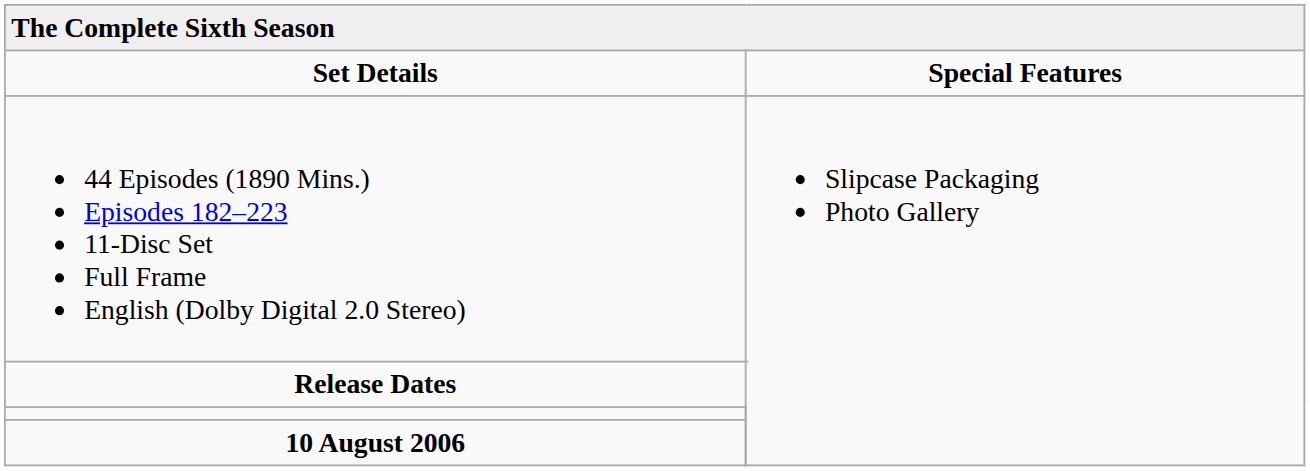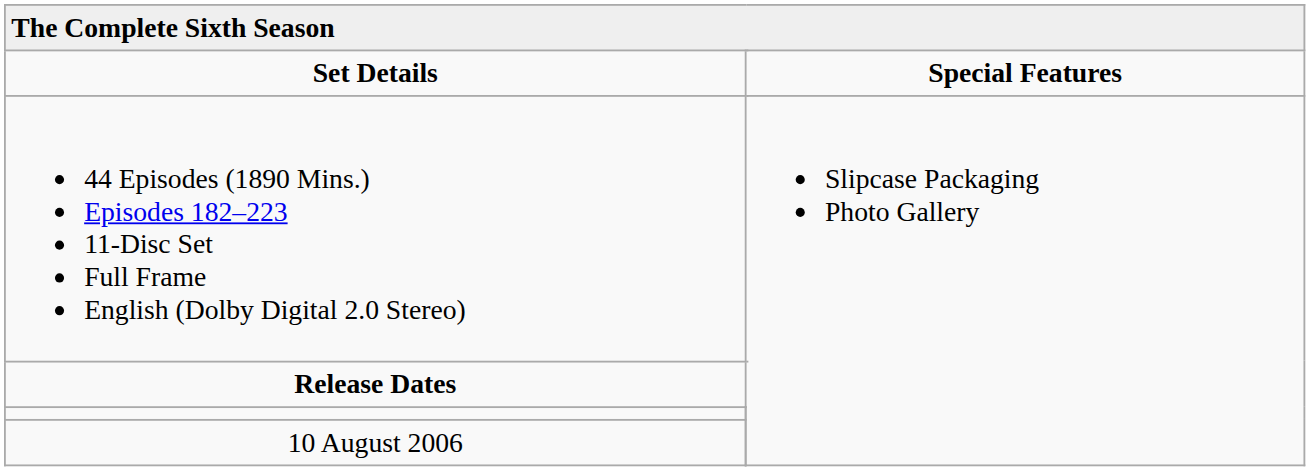 <table class="wikitable" style="font-size: 95%;">
 <tr style="background:#EFEFEF">
 <td colspan="5"><strong>The Complete Sixth Season</strong></td>
 </tr>
 <tr>
 <td align="center" width="350" colspan="3"><strong>Set Details</strong></td>
 <td width="250" align="center"><strong>Special Features</strong></td>
 </tr>
 <tr valign="top">
 <td colspan="3" align="left" width="400"><br><ul><li>44 Episodes (1890 Mins.)</li><li><a href='#'>Episodes 182–223</a></li><li>11-Disc Set</li><li>Full Frame</li><li>English (Dolby Digital 2.0 Stereo)</li></ul></td>
 <td rowspan="4" align="left" width="300"><br><ul><li>Slipcase Packaging</li><li>Photo Gallery</li></ul></td>
 </tr>
 <tr>
 <td colspan="3" align="center"><strong>Release Dates</strong></td>
 </tr>
 <tr>
 <td align="center"></td>
 </tr>
 <tr>
-<td align="center"><strong>10 August 2006</strong></td>
+<td align="center">10 August 2006</td>
 </tr>
 </table>
